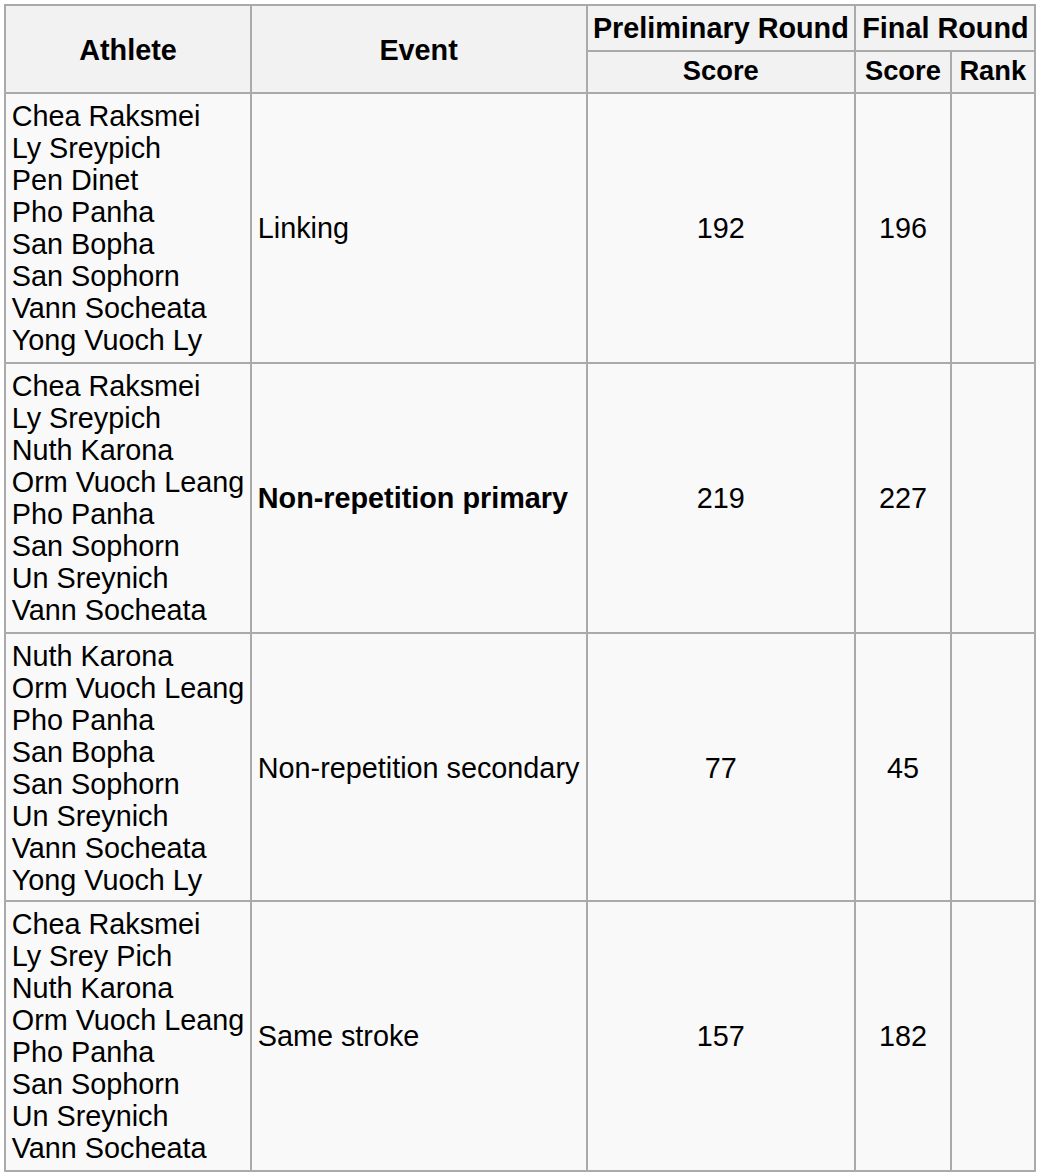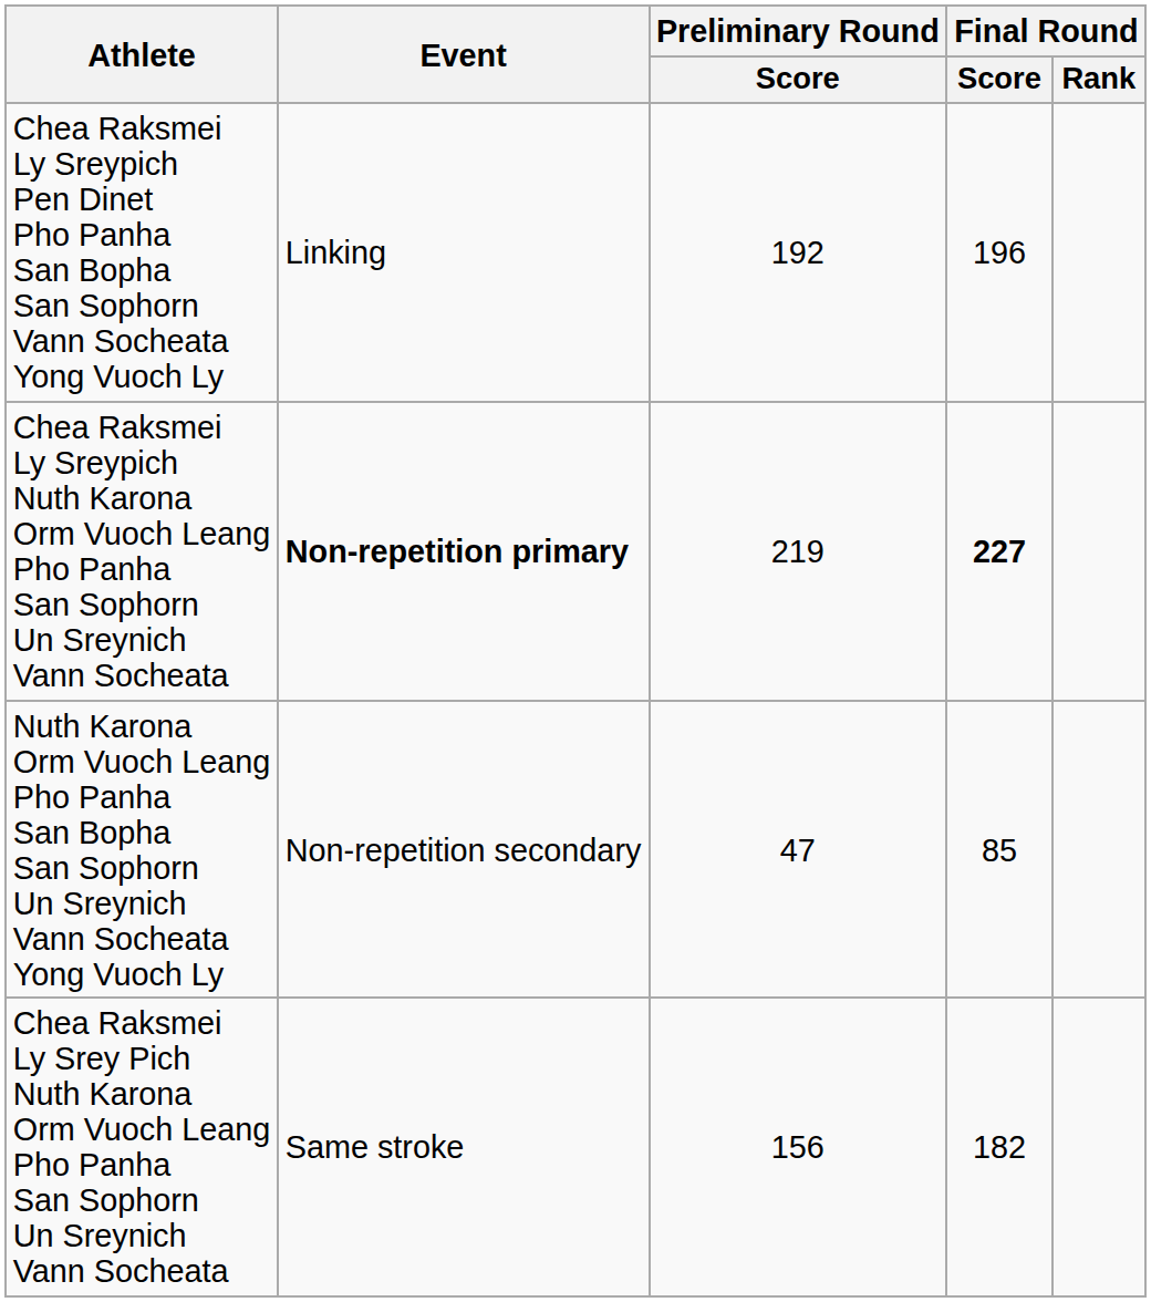 <table class="wikitable" style="font-size:90%">
 <tr>
 <th rowspan=2>Athlete</th>
 <th rowspan=2>Event</th>
 <th>Preliminary Round</th>
 <th colspan=2>Final Round</th>
 </tr>
 <tr style="font-size:95%">
 <th>Score</th>
 <th>Score</th>
 <th>Rank</th>
 </tr>
 <tr align=center>
 <td align=left>Chea Raksmei<br>Ly Sreypich<br>Pen Dinet<br>Pho Panha<br>San Bopha<br>San Sophorn<br>Vann Socheata<br>Yong Vuoch Ly</td>
 <td align=left>Linking</td>
 <td>192</td>
 <td>196</td>
 <td></td>
 </tr>
 <tr align=center>
 <td align=left>Chea Raksmei<br>Ly Sreypich<br>Nuth Karona<br>Orm Vuoch Leang<br>Pho Panha<br>San Sophorn <br>Un Sreynich<br>Vann Socheata</td>
 <td align=left><strong>Non-repetition primary</strong></td>
 <td>219</td>
-<td>227</td>
+<td><strong>227</strong></td>
 <td></td>
 </tr>
 <tr align=center>
 <td align=left>Nuth Karona<br>Orm Vuoch Leang <br>Pho Panha<br>San Bopha<br>San Sophorn<br>Un Sreynich<br>Vann Socheata<br>Yong Vuoch Ly</td>
 <td align=left>Non-repetition secondary</td>
-<td>77</td>
-<td>45</td>
+<td>47</td>
+<td>85</td>
 <td></td>
 </tr>
 <tr align=center>
 <td align=left>Chea Raksmei<br>Ly Srey Pich<br>Nuth Karona<br>Orm Vuoch Leang<br>Pho Panha<br>San Sophorn<br>Un Sreynich<br>Vann Socheata</td>
 <td align=left>Same stroke</td>
-<td>157</td>
+<td>156</td>
 <td>182</td>
 <td></td>
 </tr>
 </table>
